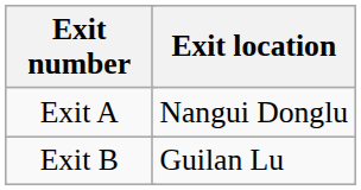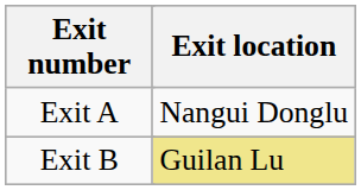 <table class="wikitable">
 <tr>
 <th style="width:70px" colspan="2">Exit number</th>
 <th>Exit location</th>
 </tr>
 <tr>
 <td align="center" colspan="2">Exit A</td>
 <td>Nangui Donglu</td>
 </tr>
 <tr>
 <td align="center" colspan="2">Exit B</td>
-<td>Guilan Lu</td>
+<td style="background: khaki;">Guilan Lu</td>
 </tr>
 </table>
